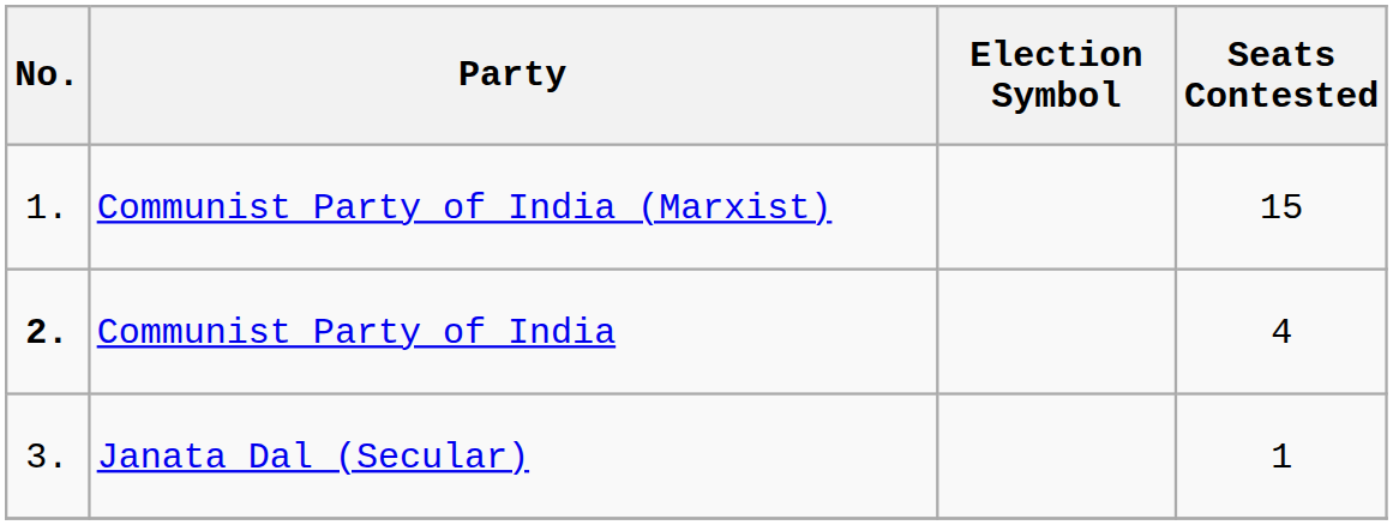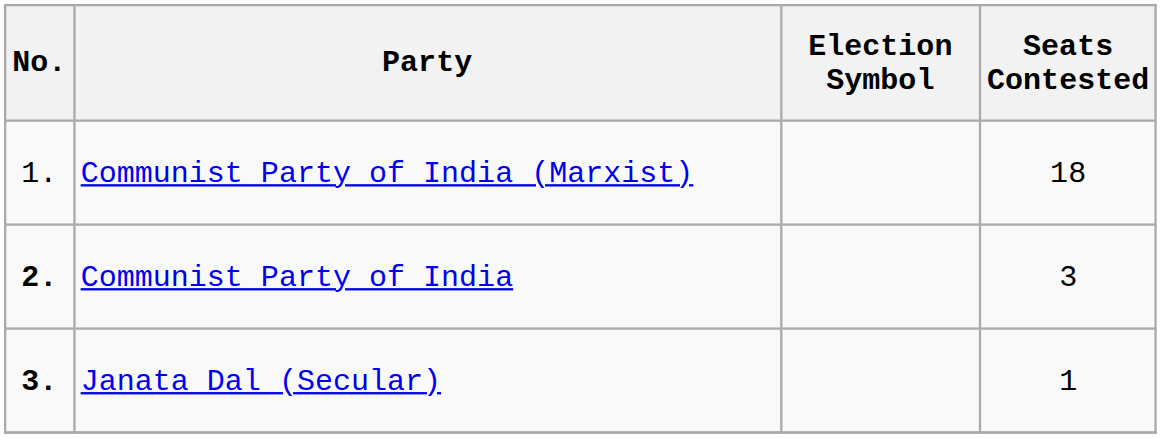 <table class="wikitable">
 <tr style="height: 50px;">
 <th scope="col" style="width:4px;">No.<br></th>
 <th scope="col" style="width:300px;">Party</th>
 <th scope="col" style="width:80px;">Election Symbol</th>
 <th scope="col" style="width:60px;">Seats Contested</th>
 </tr>
 <tr style="height: 45px;">
 <td ! style="text-align:center; background:">1.</td>
 <td><a href='#'>Communist Party of India (Marxist)</a></td>
 <td style="text-align:center;"></td>
-<td style="text-align:center;">15</td>
+<td style="text-align:center;">18</td>
 </tr>
 <tr style="height: 45px;">
 <td ! style="text-align:center; background:"><strong>2.</strong></td>
 <td><a href='#'>Communist Party of India</a></td>
 <td style="text-align:center;"></td>
-<td style="text-align:center;">4</td>
+<td style="text-align:center;">3</td>
 </tr>
 <tr style="height: 45px;">
-<td ! style="text-align:center; background:">3.</td>
+<td ! style="text-align:center; background:"><strong>3.</strong></td>
 <td><a href='#'>Janata Dal (Secular)</a></td>
 <td style="text-align:center;"></td>
 <td style="text-align:center;">1</td>
 </tr>
 <tr>
 </tr>
 </table>
